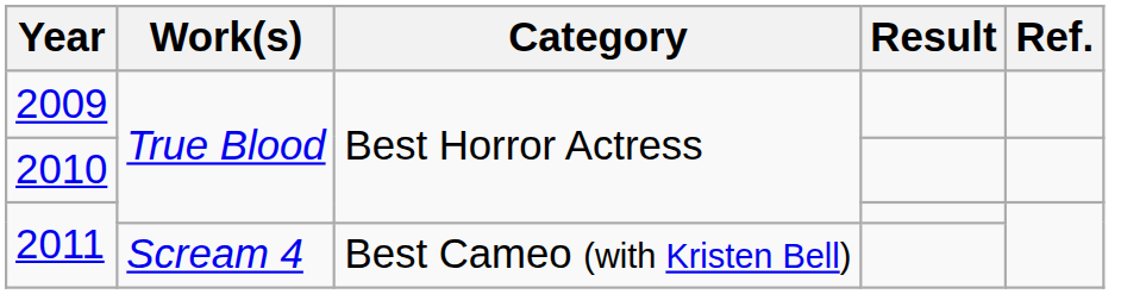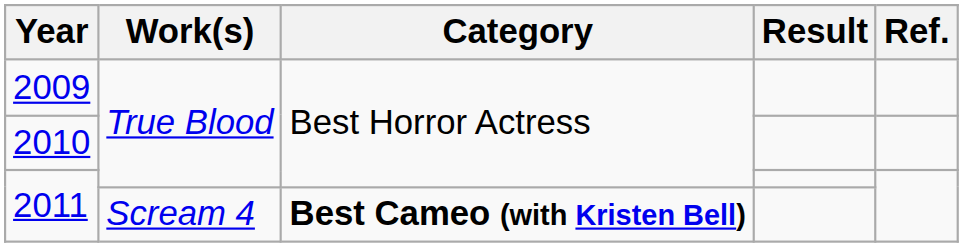 <table class=wikitable>
 <tr>
 <th scope="col">Year</th>
 <th scope="col">Work(s)</th>
 <th scope="col">Category</th>
 <th scope="col">Result</th>
 <th scope="col">Ref.</th>
 </tr>
 <tr>
 <td><a href='#'>2009</a></td>
 <td rowspan="3"><em><a href='#'>True Blood</a></em></td>
 <td rowspan="3">Best Horror Actress</td>
 <td></td>
 <td></td>
 </tr>
 <tr>
 <td><a href='#'>2010</a></td>
 <td></td>
 <td></td>
 </tr>
 <tr>
 <td rowspan="2"><a href='#'>2011</a></td>
 <td></td>
 <td rowspan="2"></td>
 </tr>
 <tr>
 <td><em><a href='#'>Scream 4</a></em></td>
-<td>Best Cameo <small>(with <a href='#'>Kristen Bell</a>)</small></td>
+<td><strong>Best Cameo <small>(with <a href='#'>Kristen Bell</a>)</small></strong></td>
 <td></td>
 </tr>
 </table>
